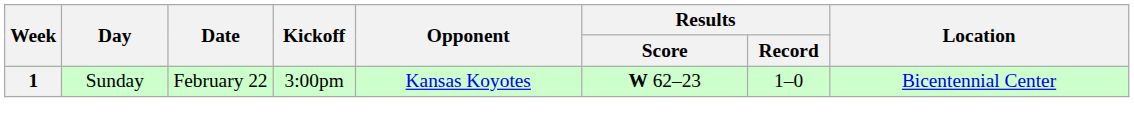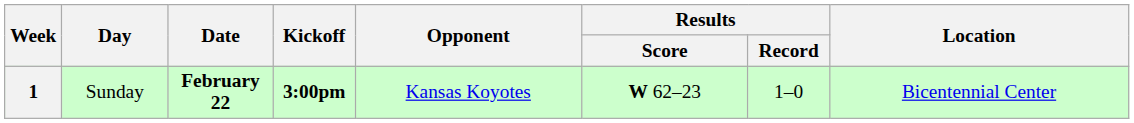 <table class="wikitable">
 <tr>
 <th rowspan="2" width="40">Week</th>
 <th rowspan="2" width="80">Day</th>
 <th rowspan="2" width="80">Date</th>
 <th rowspan="2" width="60">Kickoff</th>
 <th rowspan="2" width="180">Opponent</th>
 <th colspan="2" width="190">Results</th>
 <th rowspan="2" width="240">Location</th>
 </tr>
 <tr>
 <th width="130">Score</th>
 <th width="60">Record</th>
 </tr>
 <tr align="center" bgcolor="#CCFFCC">
 <th>1</th>
 <td>Sunday</td>
-<td>February 22</td>
-<td>3:00pm</td>
+<td><strong>February 22</strong></td>
+<td><strong>3:00pm</strong></td>
 <td><a href='#'>Kansas Koyotes</a></td>
 <td><strong>W</strong> 62–23</td>
 <td>1–0</td>
 <td><a href='#'>Bicentennial Center</a></td>
 </tr>
 </table>
